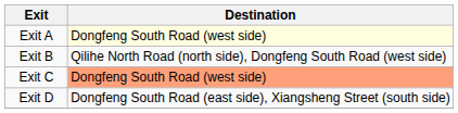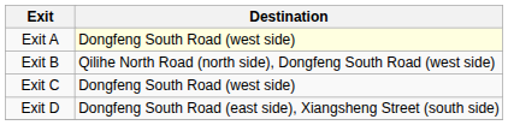 <table class=wikitable>
 <tr>
 <th style="width:70px" colspan=2>Exit</th>
 <th>Destination</th>
 </tr>
 <tr>
 <td align=center colspan=2>Exit A</td>
 <td style="background: lightyellow;">Dongfeng South Road (west side)</td>
 </tr>
 <tr>
 <td align=center colspan=2>Exit B</td>
 <td>Qilihe North Road (north side), Dongfeng South Road (west side)</td>
 </tr>
 <tr>
 <td align=center colspan=2>Exit C</td>
-<td style="background: lightsalmon;">Dongfeng South Road (west side)</td>
+<td>Dongfeng South Road (west side)</td>
 </tr>
 <tr>
 <td align=center colspan=2>Exit D</td>
 <td>Dongfeng South Road (east side), Xiangsheng Street (south side)</td>
 </tr>
 <tr>
 </tr>
 </table>
